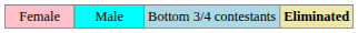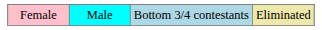 <table border="2" cellpadding="4" style="background:gray; border:1px solid gray; border-collapse:collapse; margin:1em auto; text-align:center;">
 <tr>
 </tr>
 <tr>
 <td style="background:pink;" width="20%">Female</td>
 <td style="background:cyan;" width="20%">Male</td>
 <td style="background:lightblue;">Bottom 3/4 contestants</td>
-<td style="background:palegoldenrod;"><strong>Eliminated</strong></td>
+<td style="background:palegoldenrod;">Eliminated</td>
 </tr>
 </table>
